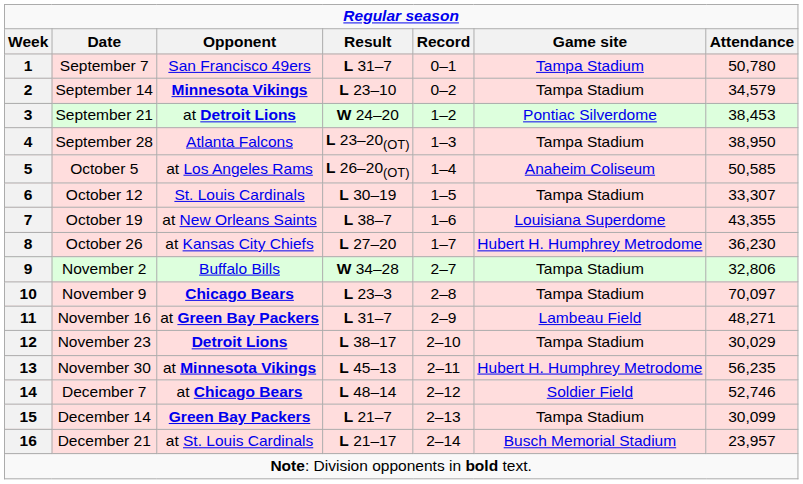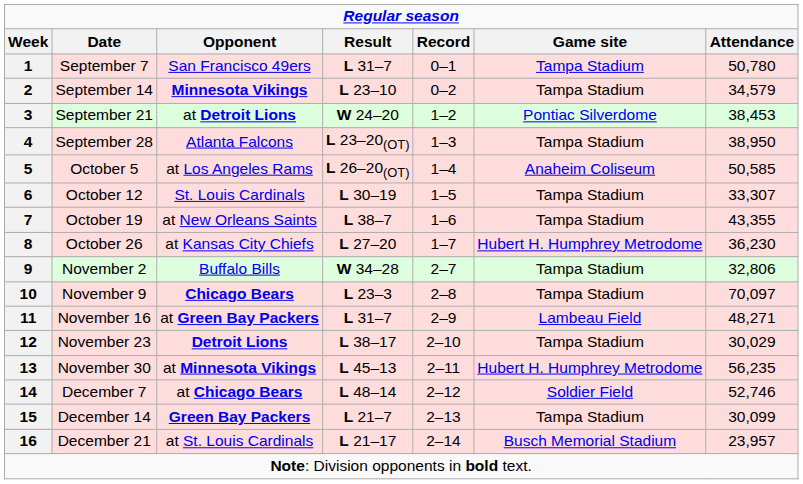 <table class="wikitable" style="text-align:center;">
 <tr>
 <td colspan="7"><strong><em><a href='#'>Regular season</a></em></strong></td>
 </tr>
 <tr>
 <th>Week</th>
 <th>Date</th>
 <th>Opponent</th>
 <th>Result</th>
 <th>Record</th>
 <th>Game site</th>
 <th>Attendance</th>
 </tr>
 <tr style="background: #ffdddd;">
 <th>1</th>
 <td>September 7</td>
 <td><a href='#'>San Francisco 49ers</a></td>
 <td><strong>L</strong> 31–7</td>
 <td>0–1</td>
 <td><a href='#'>Tampa Stadium</a></td>
 <td>50,780</td>
 </tr>
 <tr style="background: #ffdddd;">
 <th>2</th>
 <td>September 14</td>
 <td><strong><a href='#'>Minnesota Vikings</a></strong></td>
 <td><strong>L</strong> 23–10</td>
 <td>0–2</td>
 <td>Tampa Stadium</td>
 <td>34,579</td>
 </tr>
 <tr style="background: #ddffdd;">
 <th>3</th>
 <td>September 21</td>
 <td>at <strong><a href='#'>Detroit Lions</a></strong></td>
 <td><strong>W</strong> 24–20</td>
 <td>1–2</td>
 <td><a href='#'>Pontiac Silverdome</a></td>
 <td>38,453</td>
 </tr>
 <tr style="background: #ffdddd;">
 <th>4</th>
 <td>September 28</td>
 <td><a href='#'>Atlanta Falcons</a></td>
 <td><strong>L</strong> 23–20<sub>(OT)</sub></td>
 <td>1–3</td>
 <td>Tampa Stadium</td>
 <td>38,950</td>
 </tr>
 <tr style="background: #ffdddd;">
 <th>5</th>
 <td>October 5</td>
 <td>at <a href='#'>Los Angeles Rams</a></td>
 <td><strong>L</strong> 26–20<sub>(OT)</sub></td>
 <td>1–4</td>
 <td><a href='#'>Anaheim Coliseum</a></td>
 <td>50,585</td>
 </tr>
 <tr style="background: #ffdddd;">
 <th>6</th>
 <td>October 12</td>
 <td><a href='#'>St. Louis Cardinals</a></td>
 <td><strong>L</strong> 30–19</td>
 <td>1–5</td>
 <td>Tampa Stadium</td>
 <td>33,307</td>
 </tr>
 <tr style="background: #ffdddd;">
 <th>7</th>
 <td>October 19</td>
 <td>at <a href='#'>New Orleans Saints</a></td>
 <td><strong>L</strong> 38–7</td>
 <td>1–6</td>
-<td><a href='#'>Louisiana Superdome</a></td>
+<td>Tampa Stadium</td>
 <td>43,355</td>
 </tr>
 <tr style="background: #ffdddd;">
 <th>8</th>
 <td>October 26</td>
 <td>at <a href='#'>Kansas City Chiefs</a></td>
 <td><strong>L</strong> 27–20</td>
 <td>1–7</td>
 <td><a href='#'>Hubert H. Humphrey Metrodome</a></td>
 <td>36,230</td>
 </tr>
 <tr style="background: #ddffdd;">
 <th>9</th>
 <td>November 2</td>
 <td><a href='#'>Buffalo Bills</a></td>
 <td><strong>W</strong> 34–28</td>
 <td>2–7</td>
 <td>Tampa Stadium</td>
 <td>32,806</td>
 </tr>
 <tr style="background: #ffdddd;">
 <th>10</th>
 <td>November 9</td>
 <td><strong><a href='#'>Chicago Bears</a></strong></td>
 <td><strong>L</strong> 23–3</td>
 <td>2–8</td>
 <td>Tampa Stadium</td>
 <td>70,097</td>
 </tr>
 <tr style="background: #ffdddd;">
 <th>11</th>
 <td>November 16</td>
 <td>at <strong><a href='#'>Green Bay Packers</a></strong></td>
 <td><strong>L</strong> 31–7</td>
 <td>2–9</td>
 <td><a href='#'>Lambeau Field</a></td>
 <td>48,271</td>
 </tr>
 <tr style="background: #ffdddd;">
 <th>12</th>
 <td>November 23</td>
 <td><strong><a href='#'>Detroit Lions</a></strong></td>
 <td><strong>L</strong> 38–17</td>
 <td>2–10</td>
 <td>Tampa Stadium</td>
 <td>30,029</td>
 </tr>
 <tr style="background: #ffdddd;">
 <th>13</th>
 <td>November 30</td>
 <td>at <strong><a href='#'>Minnesota Vikings</a></strong></td>
 <td><strong>L</strong> 45–13</td>
 <td>2–11</td>
 <td><a href='#'>Hubert H. Humphrey Metrodome</a></td>
 <td>56,235</td>
 </tr>
 <tr style="background: #ffdddd;">
 <th>14</th>
 <td>December 7</td>
 <td>at <strong><a href='#'>Chicago Bears</a></strong></td>
 <td><strong>L</strong> 48–14</td>
 <td>2–12</td>
 <td><a href='#'>Soldier Field</a></td>
 <td>52,746</td>
 </tr>
 <tr style="background: #ffdddd;">
 <th>15</th>
 <td>December 14</td>
 <td><strong><a href='#'>Green Bay Packers</a></strong></td>
 <td><strong>L</strong> 21–7</td>
 <td>2–13</td>
 <td>Tampa Stadium</td>
 <td>30,099</td>
 </tr>
 <tr style="background: #ffdddd;">
 <th>16</th>
 <td>December 21</td>
 <td>at <a href='#'>St. Louis Cardinals</a></td>
 <td><strong>L</strong> 21–17</td>
 <td>2–14</td>
 <td><a href='#'>Busch Memorial Stadium</a></td>
 <td>23,957</td>
 </tr>
 <tr>
 <td colspan="7"><strong>Note</strong>: Division opponents in <strong>bold</strong> text.</td>
 </tr>
 </table>
